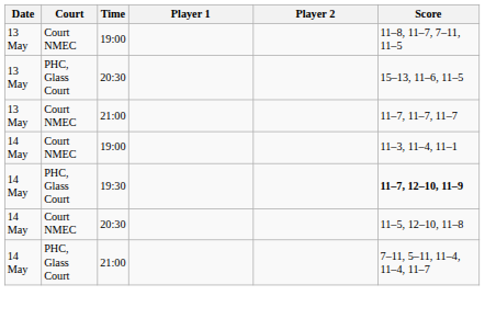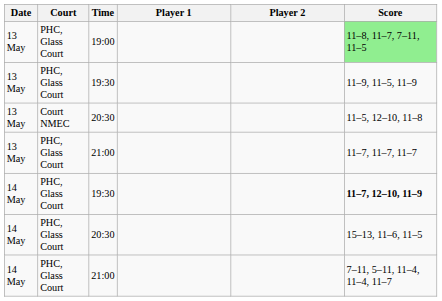 <table class="sortable wikitable" style="font-size:90%">
 <tr>
 <th width="45" class="unsortable">Date</th>
 <th width="75">Court</th>
 <th width="30">Time</th>
 <th width="200">Player 1</th>
 <th width="200">Player 2</th>
 <th width="160" class="unsortable">Score</th>
 </tr>
 <tr>
 <td>13 May</td>
-<td>Court NMEC</td>
+<td>PHC, Glass Court</td>
 <td>19:00</td>
 <td><strong></strong></td>
 <td></td>
-<td>11–8, 11–7, 7–11, 11–5</td>
+<td style="background: lightgreen;">11–8, 11–7, 7–11, 11–5</td>
 </tr>
 <tr>
 <td>13 May</td>
 <td>PHC, Glass Court</td>
-<td>20:30</td>
+<td>19:30</td>
 <td><strong></strong></td>
 <td></td>
-<td>15–13, 11–6, 11–5</td>
+<td>11–9, 11–5, 11–9</td>
 </tr>
 <tr>
 <td>13 May</td>
 <td>Court NMEC</td>
+<td>20:30</td>
+<td><strong></strong></td>
+<td></td>
+<td>11–5, 12–10, 11–8</td>
+</tr>
+<tr>
+<td>13 May</td>
+<td>PHC, Glass Court</td>
 <td>21:00</td>
 <td></td>
 <td><strong></strong></td>
 <td>11–7, 11–7, 11–7</td>
-</tr>
-<tr>
-<td>14 May</td>
-<td>Court NMEC</td>
-<td>19:00</td>
-<td><strong></strong></td>
-<td></td>
-<td>11–3, 11–4, 11–1</td>
 </tr>
 <tr>
 <td>14 May</td>
 <td>PHC, Glass Court</td>
 <td>19:30</td>
 <td></td>
 <td><strong></strong></td>
 <td><strong>11–7, 12–10, 11–9</strong></td>
 </tr>
 <tr>
 <td>14 May</td>
-<td>Court NMEC</td>
+<td>PHC, Glass Court</td>
 <td>20:30</td>
 <td></td>
 <td><strong></strong></td>
-<td>11–5, 12–10, 11–8</td>
+<td>15–13, 11–6, 11–5</td>
 </tr>
 <tr>
 <td>14 May</td>
 <td>PHC, Glass Court</td>
 <td>21:00</td>
 <td></td>
 <td><strong></strong></td>
 <td>7–11, 5–11, 11–4, 11–4, 11–7</td>
 </tr>
 </table>
